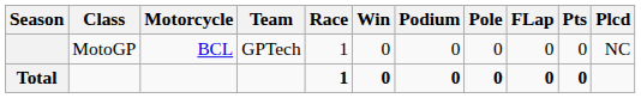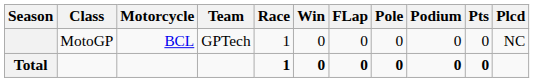 <table class="wikitable" style=text-align:right>
 <tr>
 <th>Season</th>
 <th>Class</th>
 <th>Motorcycle</th>
 <th>Team</th>
 <th>Race</th>
 <th>Win</th>
+<th>FLap</th>
+<th>Pole</th>
 <th>Podium</th>
-<th>Pole</th>
-<th>FLap</th>
 <th>Pts</th>
 <th>Plcd</th>
 </tr>
 <tr>
 <th></th>
 <td>MotoGP</td>
 <td><a href='#'>BCL</a></td>
 <td>GPTech</td>
 <td>1</td>
 <td>0</td>
 <td>0</td>
 <td>0</td>
 <td>0</td>
 <td>0</td>
 <td>NC</td>
 </tr>
 <tr>
 <th>Total</th>
 <td></td>
 <td></td>
 <td></td>
 <td><strong>1</strong></td>
 <td><strong>0</strong></td>
 <td><strong>0</strong></td>
 <td><strong>0</strong></td>
 <td><strong>0</strong></td>
 <td><strong>0</strong></td>
 <td></td>
 </tr>
 </table>
